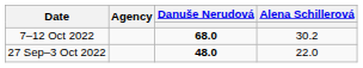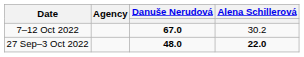 <table class="wikitable" style=text-align:center;font-size:85%;line-height:14px;">
 <tr>
 <th rowspan="2">Date</th>
 <th rowspan="2">Agency</th>
 <th><a href='#'>Danuše Nerudová</a></th>
 <th><a href='#'>Alena Schillerová</a></th>
 </tr>
 <tr>
 <th style="background:"></th>
 <th style="background:"></th>
 </tr>
 <tr>
 <td>7–12 Oct 2022</td>
 <td></td>
-<td><strong>68.0</strong></td>
+<td><strong>67.0</strong></td>
 <td>30.2</td>
 </tr>
 <tr>
 <td>27 Sep–3 Oct 2022</td>
 <td></td>
 <td><strong>48.0</strong></td>
-<td>22.0</td>
+<td><strong>22.0</strong></td>
 </tr>
 </table>
